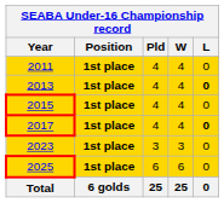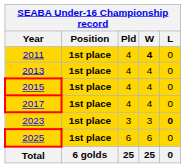 <table class="wikitable" style="text-align: center; font-size:95%;">
 <tr>
 <th colspan=9><a href='#'>SEABA Under-16 Championship record</a></th>
 </tr>
 <tr>
 <th width=80px>Year</th>
 <th width=80px>Position</th>
 <th width=25px>Pld</th>
 <th width=25px>W</th>
 <th width=25px>L</th>
 </tr>
 <tr bgcolor=gold>
 <td> <a href='#'>2011</a></td>
 <td><strong>1st place</strong></td>
 <td>4</td>
-<td>4</td>
+<td><strong>4</strong></td>
 <td>0</td>
 </tr>
 <tr bgcolor=gold>
 <td> <a href='#'>2013</a></td>
 <td><strong>1st place</strong></td>
 <td>4</td>
 <td>4</td>
-<td><strong>0</strong></td>
+<td>0</td>
 </tr>
 <tr bgcolor=gold>
 <td style="border: 3px solid red;"> <a href='#'>2015</a></td>
 <td><strong>1st place</strong></td>
 <td>4</td>
 <td>4</td>
 <td>0</td>
 </tr>
 <tr bgcolor=gold>
 <td style="border: 3px solid red;"> <a href='#'>2017</a></td>
 <td><strong>1st place</strong></td>
 <td>4</td>
 <td>4</td>
-<td><strong>0</strong></td>
+<td>0</td>
 </tr>
 <tr bgcolor=gold>
 <td> <a href='#'>2023</a></td>
 <td><strong>1st place</strong></td>
 <td>3</td>
 <td>3</td>
-<td>0</td>
+<td><strong>0</strong></td>
 </tr>
 <tr bgcolor=gold>
 <td style="border: 3px solid red;"> <a href='#'>2025</a></td>
 <td><strong>1st place</strong></td>
 <td>6</td>
 <td>6</td>
 <td>0</td>
 </tr>
 <tr>
 <th>Total</th>
 <th>6 golds</th>
 <th>25</th>
 <th>25</th>
 <th>0</th>
 </tr>
 </table>
